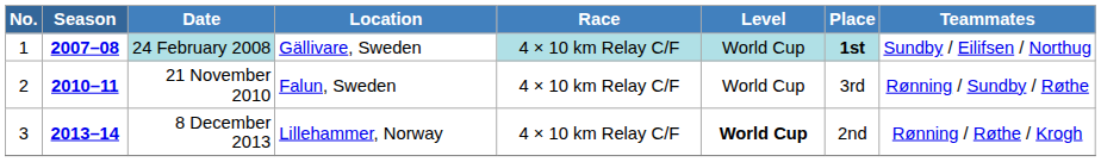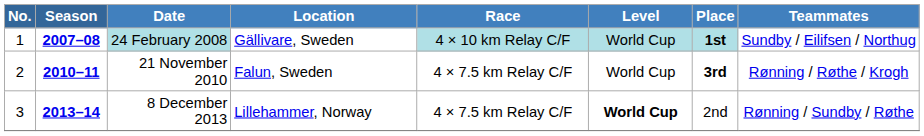 <table class="wikitable sortable" style="font-size:95%; text-align:center; border:grey solid 1px; border-collapse:collapse; background:#ffffff;">
 <tr style="background:#efefef;">
 <th style="background-color:#369; color:white;">No.</th>
 <th style="background-color:#369; color:white;">Season</th>
 <th style="background-color:#4180be; color:white; width:120px;">Date</th>
 <th style="background-color:#4180be; color:white; width:185px;">Location</th>
 <th style="background-color:#4180be; color:white; width:170px;">Race</th>
 <th style="background-color:#4180be; color:white; width:100px;">Level</th>
 <th style="background-color:#4180be; color:white;">Place</th>
 <th style="background-color:#4180be; color:white;">Teammates</th>
 </tr>
 <tr>
 <td align=center>1</td>
 <td rowspan=1 align=center><strong><a href='#'>2007–08</a></strong></td>
 <td bgcolor="#BOEOE6" align=right>24 February 2008</td>
 <td align=left> <a href='#'>Gällivare</a>, Sweden</td>
 <td bgcolor="#BOEOE6">4 × 10 km Relay C/F</td>
 <td bgcolor="#BOEOE6">World Cup</td>
 <td bgcolor="#BOEOE6"><strong>1st</strong></td>
 <td><a href='#'>Sundby</a> / <a href='#'>Eilifsen</a> / <a href='#'>Northug</a></td>
 </tr>
 <tr>
 <td align=center>2</td>
 <td rowspan=1 align=center><strong> <a href='#'>2010–11</a> </strong></td>
 <td align=right>21 November 2010</td>
 <td align=left> <a href='#'>Falun</a>, Sweden</td>
-<td>4 × 10 km Relay C/F</td>
+<td>4 × 7.5 km Relay C/F</td>
 <td>World Cup</td>
-<td>3rd</td>
-<td><a href='#'>Rønning</a> / <a href='#'>Sundby</a> / <a href='#'>Røthe</a></td>
+<td><strong>3rd</strong></td>
+<td><a href='#'>Rønning</a> / <a href='#'>Røthe</a> / <a href='#'>Krogh</a></td>
 </tr>
 <tr>
 <td align=center>3</td>
 <td rowspan=1 align=center><strong> <a href='#'>2013–14</a> </strong></td>
 <td align=right>8 December 2013</td>
 <td align=left> <a href='#'>Lillehammer</a>, Norway</td>
-<td>4 × 10 km Relay C/F</td>
+<td>4 × 7.5 km Relay C/F</td>
 <td><strong>World Cup</strong></td>
 <td>2nd</td>
-<td><a href='#'>Rønning</a> / <a href='#'>Røthe</a> / <a href='#'>Krogh</a></td>
+<td><a href='#'>Rønning</a> / <a href='#'>Sundby</a> / <a href='#'>Røthe</a></td>
 </tr>
 <tr>
 </tr>
 </table>
